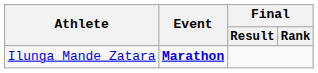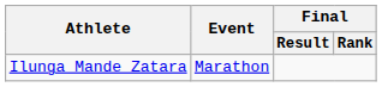 <table class="wikitable" style="font-size:90%">
 <tr>
 <th rowspan="2">Athlete</th>
 <th rowspan="2">Event</th>
 <th colspan="2">Final</th>
 </tr>
 <tr style="font-size:95%">
 <th>Result</th>
 <th>Rank</th>
 </tr>
 <tr align=center>
 <td align=left><a href='#'>Ilunga Mande Zatara</a></td>
-<td align=left><strong><a href='#'>Marathon</a></strong></td>
+<td align=left><a href='#'>Marathon</a></td>
 <td colspan=2></td>
 </tr>
 </table>
